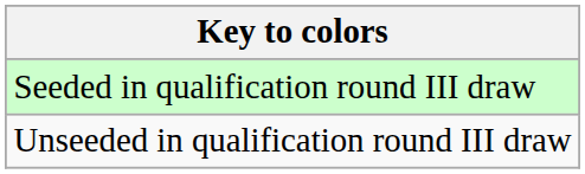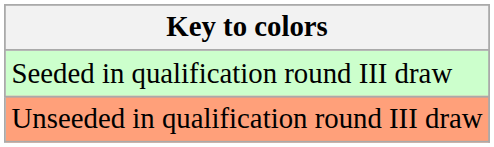 <table class="wikitable">
 <tr>
 <th>Key to colors</th>
 </tr>
 <tr bgcolor=#ccffcc>
 <td>Seeded in qualification round III draw</td>
 </tr>
 <tr>
-<td>Unseeded in qualification round III draw</td>
+<td style="background: lightsalmon;">Unseeded in qualification round III draw</td>
 </tr>
 </table>
